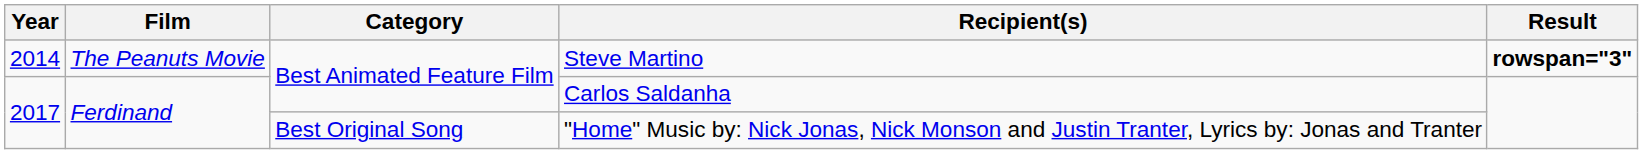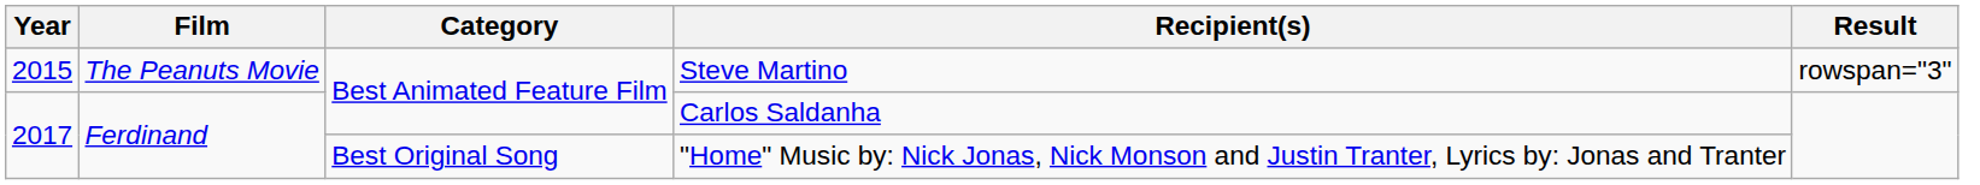 <table class="wikitable sortable">
 <tr>
 <th>Year</th>
 <th>Film</th>
 <th>Category</th>
 <th>Recipient(s)</th>
 <th>Result</th>
 </tr>
 <tr>
-<td><a href='#'>2014</a></td>
+<td><a href='#'>2015</a></td>
 <td><em><a href='#'>The Peanuts Movie</a></em></td>
 <td rowspan="2"><a href='#'>Best Animated Feature Film</a></td>
 <td><a href='#'>Steve Martino</a></td>
-<td><strong>rowspan="3" </strong></td>
+<td>rowspan="3" </td>
 </tr>
 <tr>
 <td rowspan="2"><a href='#'>2017</a></td>
 <td rowspan="2"><em><a href='#'>Ferdinand</a></em></td>
 <td><a href='#'>Carlos Saldanha</a></td>
 </tr>
 <tr>
 <td><a href='#'>Best Original Song</a></td>
 <td>"<a href='#'>Home</a>" Music by: <a href='#'>Nick Jonas</a>, <a href='#'>Nick Monson</a> and <a href='#'>Justin Tranter</a>, Lyrics by: Jonas and Tranter</td>
 </tr>
 </table>
